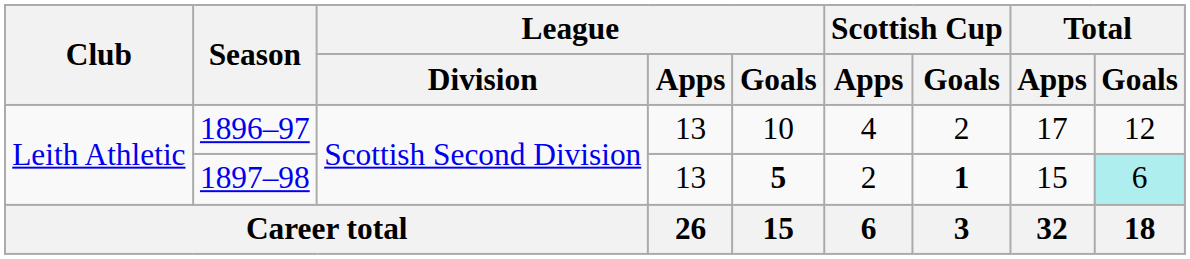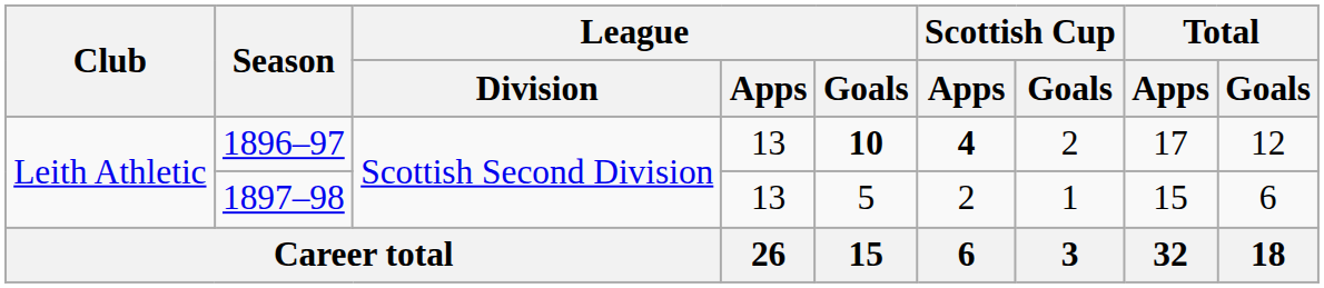 <table class="wikitable" style="text-align: center;">
 <tr>
 <th rowspan="2">Club</th>
 <th rowspan="2">Season</th>
 <th colspan="3">League</th>
 <th colspan="2">Scottish Cup</th>
 <th colspan="2">Total</th>
 </tr>
 <tr>
 <th>Division</th>
 <th>Apps</th>
 <th>Goals</th>
 <th>Apps</th>
 <th>Goals</th>
 <th>Apps</th>
 <th>Goals</th>
 </tr>
 <tr>
 <td rowspan="2"><a href='#'>Leith Athletic</a></td>
 <td><a href='#'>1896–97</a></td>
 <td rowspan="2"><a href='#'>Scottish Second Division</a></td>
 <td>13</td>
-<td>10</td>
-<td>4</td>
+<td><strong>10</strong></td>
+<td><strong>4</strong></td>
 <td>2</td>
 <td>17</td>
 <td>12</td>
 </tr>
 <tr>
 <td><a href='#'>1897–98</a></td>
 <td>13</td>
-<td><strong>5</strong></td>
+<td>5</td>
 <td>2</td>
-<td><strong>1</strong></td>
+<td>1</td>
 <td>15</td>
-<td style="background: paleturquoise;">6</td>
+<td>6</td>
 </tr>
 <tr>
 <th colspan="3">Career total</th>
 <th>26</th>
 <th>15</th>
 <th>6</th>
 <th>3</th>
 <th>32</th>
 <th>18</th>
 </tr>
 </table>
